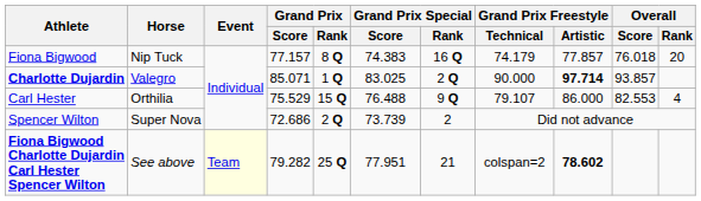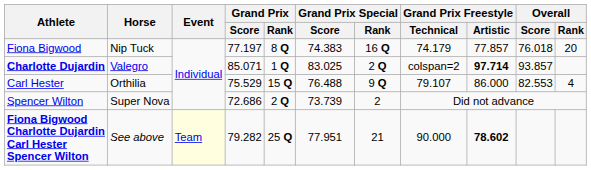 <table class=wikitable style="font-size:90%">
 <tr>
 <th rowspan="2">Athlete</th>
 <th rowspan="2">Horse</th>
 <th rowspan="2">Event</th>
 <th colspan="2">Grand Prix</th>
 <th colspan="2">Grand Prix Special</th>
 <th colspan="2">Grand Prix Freestyle</th>
 <th colspan="2">Overall</th>
 </tr>
 <tr style="font-size:95%">
 <th>Score</th>
 <th>Rank</th>
 <th>Score</th>
 <th>Rank</th>
 <th>Technical</th>
 <th>Artistic</th>
 <th>Score</th>
 <th>Rank</th>
 </tr>
 <tr align=center>
 <td align=left><a href='#'>Fiona Bigwood</a></td>
 <td align=left>Nip Tuck</td>
 <td rowspan="4" style="text-align:left;"><a href='#'>Individual</a></td>
-<td>77.157</td>
+<td>77.197</td>
 <td>8 <strong>Q</strong></td>
 <td>74.383</td>
 <td>16 <strong>Q</strong></td>
 <td>74.179</td>
 <td>77.857</td>
 <td>76.018</td>
 <td>20</td>
 </tr>
 <tr align=center>
 <td align=left><strong><a href='#'>Charlotte Dujardin</a></strong></td>
 <td align=left><a href='#'>Valegro</a></td>
 <td>85.071</td>
 <td>1 <strong>Q</strong></td>
 <td>83.025</td>
 <td>2 <strong>Q</strong></td>
-<td>90.000</td>
+<td>colspan=2 </td>
 <td><strong>97.714</strong></td>
 <td>93.857</td>
 <td></td>
 </tr>
 <tr align=center>
 <td align=left><a href='#'>Carl Hester</a></td>
 <td align=left>Orthilia</td>
 <td>75.529</td>
 <td>15 <strong>Q</strong></td>
 <td>76.488</td>
 <td>9 <strong>Q</strong></td>
 <td>79.107</td>
 <td>86.000</td>
 <td>82.553</td>
 <td>4</td>
 </tr>
 <tr align=center>
 <td align=left><a href='#'>Spencer Wilton</a></td>
 <td align=left>Super Nova</td>
 <td>72.686</td>
 <td>2 <strong>Q</strong></td>
 <td>73.739</td>
 <td>2</td>
 <td colspan=4>Did not advance</td>
 </tr>
 <tr align=center>
 <td align=left><strong><a href='#'>Fiona Bigwood</a></strong><br><strong><a href='#'>Charlotte Dujardin</a></strong><br><strong><a href='#'>Carl Hester</a></strong><br><strong><a href='#'>Spencer Wilton</a></strong></td>
 <td align=left><em>See above</em></td>
 <td align=left style="background: lightyellow;"><a href='#'>Team</a></td>
 <td>79.282</td>
 <td>25 <strong>Q</strong></td>
 <td>77.951</td>
 <td>21</td>
-<td>colspan=2 </td>
+<td>90.000</td>
 <td><strong>78.602</strong></td>
 <td></td>
 </tr>
 </table>
